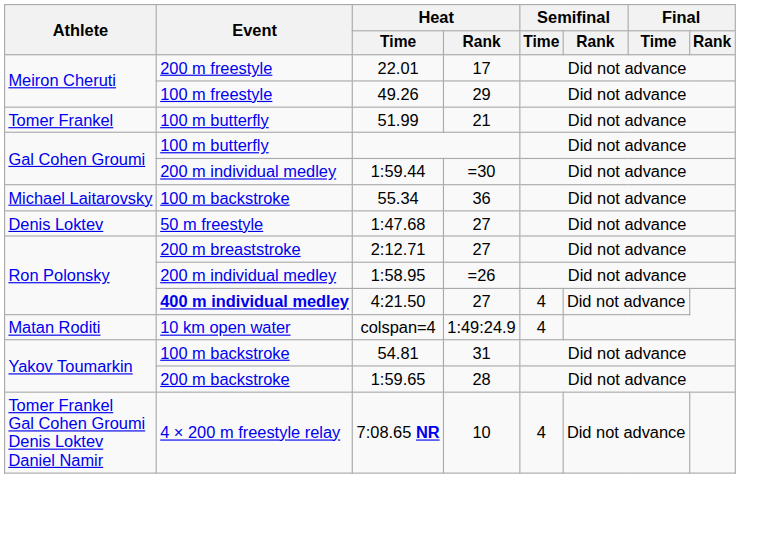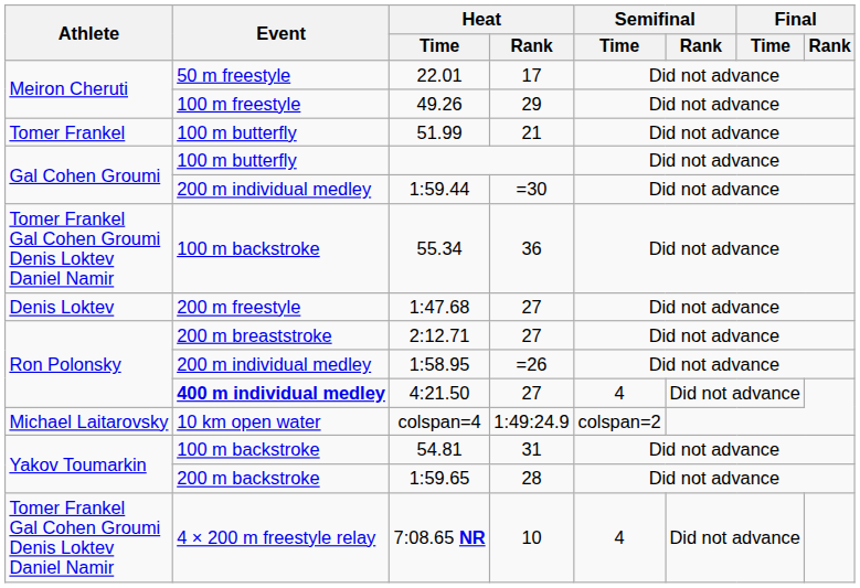 <table class=wikitable style=font-size:90%;text-align:center>
 <tr>
 <th rowspan=2>Athlete</th>
 <th rowspan=2>Event</th>
 <th colspan=2>Heat</th>
 <th colspan=2>Semifinal</th>
 <th colspan=2>Final</th>
 </tr>
 <tr style=font-size:95%>
 <th>Time</th>
 <th>Rank</th>
 <th>Time</th>
 <th>Rank</th>
 <th>Time</th>
 <th>Rank</th>
 </tr>
 <tr>
 <td align=left rowspan=2><a href='#'>Meiron Cheruti</a></td>
-<td align=left><a href='#'>200 m freestyle</a></td>
+<td align=left><a href='#'>50 m freestyle</a></td>
 <td>22.01</td>
 <td>17</td>
 <td colspan=4>Did not advance</td>
 </tr>
 <tr>
 <td align=left><a href='#'>100 m freestyle</a></td>
 <td>49.26</td>
 <td>29</td>
 <td colspan=4>Did not advance</td>
 </tr>
 <tr>
 <td align=left><a href='#'>Tomer Frankel</a></td>
 <td align=left><a href='#'>100 m butterfly</a></td>
 <td>51.99</td>
 <td>21</td>
 <td colspan=4>Did not advance</td>
 </tr>
 <tr>
 <td align=left rowspan=2><a href='#'>Gal Cohen Groumi</a></td>
 <td align=left><a href='#'>100 m butterfly</a></td>
 <td colspan=2></td>
 <td colspan=4>Did not advance</td>
 </tr>
 <tr>
 <td align=left><a href='#'>200 m individual medley</a></td>
 <td>1:59.44</td>
 <td>=30</td>
 <td colspan=4>Did not advance</td>
 </tr>
 <tr>
-<td align=left><a href='#'>Michael Laitarovsky</a></td>
+<td align=left><a href='#'>Tomer Frankel</a><br><a href='#'>Gal Cohen Groumi</a><br><a href='#'>Denis Loktev</a><br><a href='#'>Daniel Namir</a></td>
 <td align=left><a href='#'>100 m backstroke</a></td>
 <td>55.34</td>
 <td>36</td>
 <td colspan=4>Did not advance</td>
 </tr>
 <tr>
 <td align=left><a href='#'>Denis Loktev</a></td>
-<td align=left><a href='#'>50 m freestyle</a></td>
+<td align=left><a href='#'>200 m freestyle</a></td>
 <td>1:47.68</td>
 <td>27</td>
 <td colspan=4>Did not advance</td>
 </tr>
 <tr>
 <td align=left rowspan=3><a href='#'>Ron Polonsky</a></td>
 <td align=left><a href='#'>200 m breaststroke</a></td>
 <td>2:12.71</td>
 <td>27</td>
 <td colspan=4>Did not advance</td>
 </tr>
 <tr>
 <td align=left><a href='#'>200 m individual medley</a></td>
 <td>1:58.95</td>
 <td>=26</td>
 <td colspan=4>Did not advance</td>
 </tr>
 <tr>
 <td align=left><strong><a href='#'>400 m individual medley</a></strong></td>
 <td>4:21.50</td>
 <td>27</td>
 <td>4</td>
 <td colspan=2>Did not advance</td>
 </tr>
 <tr>
-<td align=left><a href='#'>Matan Roditi</a></td>
+<td align=left><a href='#'>Michael Laitarovsky</a></td>
 <td align=left><a href='#'>10 km open water</a></td>
 <td>colspan=4 </td>
 <td>1:49:24.9</td>
-<td>4</td>
+<td>colspan=2 </td>
 </tr>
 <tr>
 <td align=left rowspan=2><a href='#'>Yakov Toumarkin</a></td>
 <td align=left><a href='#'>100 m backstroke</a></td>
 <td>54.81</td>
 <td>31</td>
 <td colspan=4>Did not advance</td>
 </tr>
 <tr>
 <td align=left><a href='#'>200 m backstroke</a></td>
 <td>1:59.65</td>
 <td>28</td>
 <td colspan=4>Did not advance</td>
 </tr>
 <tr>
 <td align=left><a href='#'>Tomer Frankel</a><br><a href='#'>Gal Cohen Groumi</a><br><a href='#'>Denis Loktev</a><br><a href='#'>Daniel Namir</a></td>
 <td align=left><a href='#'>4 × 200 m freestyle relay</a></td>
 <td>7:08.65 <strong><a href='#'>NR</a></strong></td>
 <td>10</td>
 <td>4</td>
 <td colspan=2>Did not advance</td>
 </tr>
 </table>
